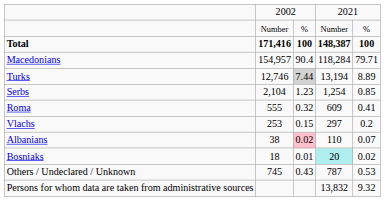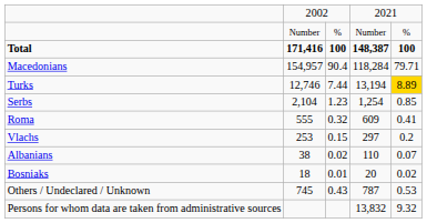 <table class="wikitable">
 <tr>
 <td></td>
 <td colspan="2" style="text-align:center">2002</td>
 <td colspan="2" style="text-align:center">2021</td>
 </tr>
 <tr>
 <td></td>
 <td style="text-align:center"><small>Number</small></td>
 <td style="text-align:center"><small>%</small></td>
 <td style="text-align:center"><small>Number</small></td>
 <td style="text-align:center"><small>%</small></td>
 </tr>
 <tr>
 <td><strong>Total</strong></td>
 <td style="text-align:center"><strong>171,416</strong></td>
 <td style="text-align:center"><strong>100</strong></td>
 <td style="text-align:center"><strong>148,387</strong></td>
 <td style="text-align:center"><strong>100</strong></td>
 </tr>
 <tr>
 <td><a href='#'>Macedonians</a></td>
 <td style="text-align:center">154,957</td>
 <td style="text-align:center">90.4</td>
 <td style="text-align:center">118,284</td>
 <td style="text-align:center">79.71</td>
 </tr>
 <tr>
 <td><a href='#'>Turks</a></td>
 <td style="text-align:center">12,746</td>
-<td style="background: lightgrey; text-align:center">7.44</td>
+<td style="text-align:center">7.44</td>
 <td style="text-align:center">13,194</td>
-<td style="text-align:center">8.89</td>
+<td style="background: gold; text-align:center">8.89</td>
 </tr>
 <tr>
 <td><a href='#'>Serbs</a></td>
 <td style="text-align:center">2,104</td>
 <td style="text-align:center">1.23</td>
 <td style="text-align:center">1,254</td>
 <td style="text-align:center">0.85</td>
 </tr>
 <tr>
 <td><a href='#'>Roma</a></td>
 <td style="text-align:center">555</td>
 <td style="text-align:center">0.32</td>
 <td style="text-align:center">609</td>
 <td style="text-align:center">0.41</td>
 </tr>
 <tr>
 <td><a href='#'>Vlachs</a></td>
 <td style="text-align:center">253</td>
 <td style="text-align:center">0.15</td>
 <td style="text-align:center">297</td>
 <td style="text-align:center">0.2</td>
 </tr>
 <tr>
 <td><a href='#'>Albanians</a></td>
 <td style="text-align:center">38</td>
-<td style="background: pink; text-align:center">0.02</td>
+<td style="text-align:center">0.02</td>
 <td style="text-align:center">110</td>
 <td style="text-align:center">0.07</td>
 </tr>
 <tr>
 <td><a href='#'>Bosniaks</a></td>
 <td style="text-align:center">18</td>
 <td style="text-align:center">0.01</td>
-<td style="background: paleturquoise; text-align:center">20</td>
+<td style="text-align:center">20</td>
 <td style="text-align:center">0.02</td>
 </tr>
 <tr>
 <td>Others / Undeclared / Unknown</td>
 <td style="text-align:center">745</td>
 <td style="text-align:center">0.43</td>
 <td style="text-align:center">787</td>
 <td style="text-align:center">0.53</td>
 </tr>
 <tr>
 <td>Persons for whom data are taken from administrative sources</td>
 <td></td>
 <td></td>
 <td style="text-align:center">13,832</td>
 <td style="text-align:center">9.32</td>
 </tr>
 </table>
